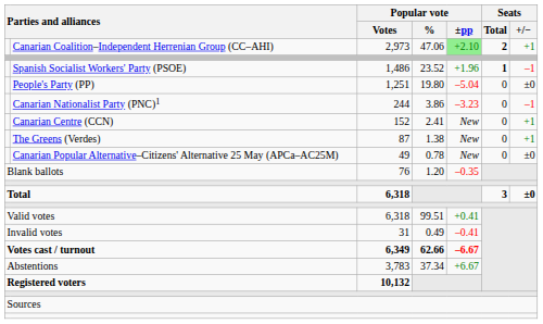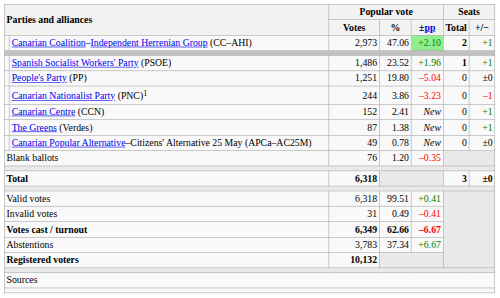 <table class="wikitable" style="text-align:right;">
 <tr>
 <th style="text-align:left;" rowspan="2" colspan="2" width="525">Parties and alliances</th>
 <th colspan="3">Popular vote</th>
 <th colspan="2">Seats</th>
 </tr>
 <tr>
 <th width="75">Votes</th>
 <th width="45">%</th>
 <th width="45">±<a href='#'>pp</a></th>
 <th width="35">Total</th>
 <th width="35">+/−</th>
 </tr>
 <tr>
 <td width="1" style="color:inherit;background:"></td>
 <td align="left"><a href='#'>Canarian Coalition</a>–<a href='#'>Independent Herrenian Group</a> (CC–AHI)</td>
 <td>2,973</td>
 <td>47.06</td>
 <td style="background: lightgreen; color:green;">+2.10</td>
 <td><strong>2</strong></td>
 <td style="color:green;">+1</td>
 </tr>
 <tr>
 <td colspan="7" bgcolor="#C0C0C0"></td>
 </tr>
 <tr>
 <td style="color:inherit;background:"></td>
 <td align="left"><a href='#'>Spanish Socialist Workers' Party</a> (PSOE)</td>
 <td>1,486</td>
 <td>23.52</td>
 <td style="color:green;">+1.96</td>
 <td><strong>1</strong></td>
-<td style="color:red;">–1</td>
+<td style="color:green;">+1</td>
 </tr>
 <tr>
 <td style="color:inherit;background:"></td>
 <td align="left"><a href='#'>People's Party</a> (PP)</td>
 <td>1,251</td>
 <td>19.80</td>
 <td style="color:red;">–5.04</td>
 <td>0</td>
 <td>±0</td>
 </tr>
 <tr>
 <td style="color:inherit;background:"></td>
 <td align="left"><a href='#'>Canarian Nationalist Party</a> (PNC)<sup>1</sup></td>
 <td>244</td>
 <td>3.86</td>
 <td style="color:red;">–3.23</td>
 <td>0</td>
 <td style="color:red;">–1</td>
 </tr>
 <tr>
 <td style="color:inherit;background:"></td>
 <td align="left"><a href='#'>Canarian Centre</a> (CCN)</td>
 <td>152</td>
 <td>2.41</td>
 <td><em>New</em></td>
 <td>0</td>
 <td style="color:green;">+1</td>
 </tr>
 <tr>
 <td style="color:inherit;background:"></td>
 <td align="left"><a href='#'>The Greens</a> (Verdes)</td>
 <td>87</td>
 <td>1.38</td>
 <td><em>New</em></td>
 <td>0</td>
 <td style="color:green;">+1</td>
 </tr>
 <tr>
 <td style="color:inherit;background:"></td>
 <td align="left"><a href='#'>Canarian Popular Alternative</a>–Citizens' Alternative 25 May (APCa–AC25M)</td>
 <td>49</td>
 <td>0.78</td>
 <td><em>New</em></td>
 <td>0</td>
 <td>±0</td>
 </tr>
 <tr>
 <td align="left" colspan="2">Blank ballots</td>
 <td>76</td>
 <td>1.20</td>
 <td style="color:red;">–0.35</td>
 <td bgcolor="#E9E9E9" colspan="2"></td>
 </tr>
 <tr>
 <td colspan="7" bgcolor="#E9E9E9"></td>
 </tr>
 <tr style="font-weight:bold;">
 <td align="left" colspan="2">Total</td>
 <td>6,318</td>
 <td bgcolor="#E9E9E9" colspan="2"></td>
 <td>3</td>
 <td>±0</td>
 </tr>
 <tr>
 <td colspan="7" bgcolor="#E9E9E9"></td>
 </tr>
 <tr>
 <td align="left" colspan="2">Valid votes</td>
 <td>6,318</td>
 <td>99.51</td>
 <td style="color:green;">+0.41</td>
 <td bgcolor="#E9E9E9" colspan="2" rowspan="5"></td>
 </tr>
 <tr>
 <td align="left" colspan="2">Invalid votes</td>
 <td>31</td>
 <td>0.49</td>
 <td style="color:red;">–0.41</td>
 </tr>
 <tr style="font-weight:bold;">
 <td align="left" colspan="2">Votes cast / turnout</td>
 <td>6,349</td>
 <td>62.66</td>
 <td style="color:red;">–6.67</td>
 </tr>
 <tr>
 <td align="left" colspan="2">Abstentions</td>
 <td>3,783</td>
 <td>37.34</td>
 <td style="color:green;">+6.67</td>
 </tr>
 <tr style="font-weight:bold;">
 <td align="left" colspan="2">Registered voters</td>
 <td>10,132</td>
 <td bgcolor="#E9E9E9" colspan="2"></td>
 </tr>
 <tr>
 <td colspan="7" bgcolor="#E9E9E9"></td>
 </tr>
 <tr>
 <td align="left" colspan="7">Sources</td>
 </tr>
 <tr>
 <td colspan="7" style="text-align:left; max-width:790px;"></td>
 </tr>
 </table>
